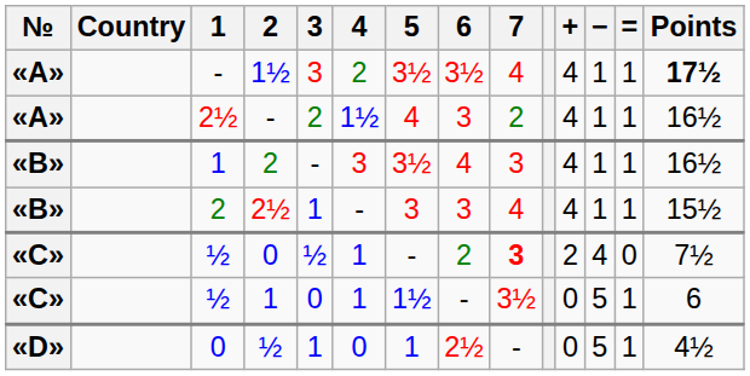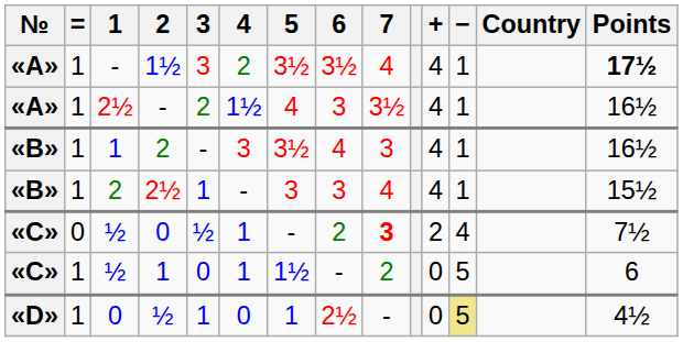 <table class="wikitable" style="text-align:center">
 <tr>
 <th>№</th>
-<th>Country</th>
+<th>=</th>
 <th>1</th>
 <th>2</th>
 <th>3</th>
 <th>4</th>
 <th>5</th>
 <th>6</th>
 <th>7</th>
 <th></th>
 <th>+</th>
 <th>−</th>
-<th>=</th>
+<th>Country</th>
 <th>Points</th>
 </tr>
 <tr>
 <th>«A»</th>
-<td style="text-align: left"></td>
+<td>1</td>
 <td>-</td>
 <td style="color:blue;">1½</td>
 <td style="color:red;">3</td>
 <td style="color:green;">2</td>
 <td style="color:red;">3½</td>
 <td style="color:red;">3½</td>
 <td style="color:red;">4</td>
 <th></th>
 <td>4</td>
 <td>1</td>
-<td>1</td>
+<td style="text-align: left"></td>
 <td><strong>17½ </strong></td>
 </tr>
 <tr>
 <th>«A»</th>
-<td style="text-align: left"></td>
+<td>1</td>
 <td style="color:red;">2½</td>
 <td>-</td>
 <td style="color:green;">2</td>
 <td style="color:blue;">1½</td>
 <td style="color:red;">4</td>
 <td style="color:red;">3</td>
-<td style="color:green;">2</td>
+<td style="color:red;">3½</td>
 <th></th>
 <td>4</td>
 <td>1</td>
-<td>1</td>
+<td style="text-align: left"></td>
 <td>16½</td>
 </tr>
 <tr style="border-top:2px solid grey;">
 <th>«B»</th>
-<td style="text-align: left"></td>
+<td>1</td>
 <td style="color:blue;">1</td>
 <td style="color:green;">2</td>
 <td>-</td>
 <td style="color:red;">3</td>
 <td style="color:red;">3½</td>
 <td style="color:red;">4</td>
 <td style="color:red;">3</td>
 <th></th>
 <td>4</td>
 <td>1</td>
-<td>1</td>
+<td style="text-align: left"></td>
 <td>16½</td>
 </tr>
 <tr>
 <th>«B»</th>
-<td style="text-align: left"></td>
+<td>1</td>
 <td style="color:green;">2</td>
 <td style="color:red;">2½</td>
 <td style="color:blue;">1</td>
 <td>-</td>
 <td style="color:red;">3</td>
 <td style="color:red;">3</td>
 <td style="color:red;">4</td>
 <th></th>
 <td>4</td>
 <td>1</td>
-<td>1</td>
+<td style="text-align: left"></td>
 <td>15½</td>
 </tr>
 <tr style="border-top:2px solid grey;">
 <th>«C»</th>
-<td style="text-align: left"></td>
+<td>0</td>
 <td style="color:blue;">½</td>
 <td style="color:blue;">0</td>
 <td style="color:blue;">½</td>
 <td style="color:blue;">1</td>
 <td>-</td>
 <td style="color:green;">2</td>
 <td style="color:red;"><strong>3</strong></td>
 <th></th>
 <td>2</td>
 <td>4</td>
-<td>0</td>
+<td style="text-align: left"></td>
 <td>7½</td>
 </tr>
 <tr>
 <th>«C»</th>
-<td style="text-align: left"></td>
+<td>1</td>
 <td style="color:blue;">½</td>
 <td style="color:blue;">1</td>
 <td style="color:blue;">0</td>
 <td style="color:blue;">1</td>
 <td style="color:blue;">1½</td>
 <td>-</td>
-<td style="color:red;">3½</td>
+<td style="color:green;">2</td>
 <th></th>
 <td>0</td>
 <td>5</td>
-<td>1</td>
+<td style="text-align: left"></td>
 <td>6</td>
 </tr>
 <tr style="border-top:2px solid grey;">
 <th>«D»</th>
-<td style="text-align: left"></td>
+<td>1</td>
 <td style="color:blue;">0</td>
 <td style="color:blue;">½</td>
 <td style="color:blue;">1</td>
 <td style="color:blue;">0</td>
 <td style="color:blue;">1</td>
 <td style="color:red;">2½</td>
 <td>-</td>
 <th></th>
 <td>0</td>
-<td>5</td>
-<td>1</td>
+<td style="background: khaki;">5</td>
+<td style="text-align: left"></td>
 <td>4½</td>
 </tr>
 </table>
